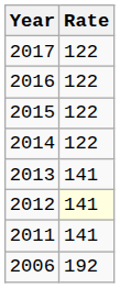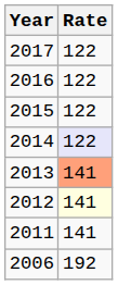 <table class="wikitable sortable">
 <tr>
 <th>Year</th>
 <th>Rate</th>
 </tr>
 <tr>
 <td>2017</td>
 <td>122</td>
 </tr>
 <tr>
 <td>2016</td>
 <td>122</td>
 </tr>
 <tr>
 <td>2015</td>
 <td>122</td>
 </tr>
 <tr>
 <td>2014</td>
-<td>122</td>
+<td style="background: lavender;">122</td>
 </tr>
 <tr>
 <td>2013</td>
-<td>141</td>
+<td style="background: lightsalmon;">141</td>
 </tr>
 <tr>
 <td>2012</td>
 <td style="background: lightyellow;">141</td>
 </tr>
 <tr>
 <td>2011</td>
 <td>141</td>
 </tr>
 <tr>
 <td>2006</td>
 <td>192</td>
 </tr>
 </table>
